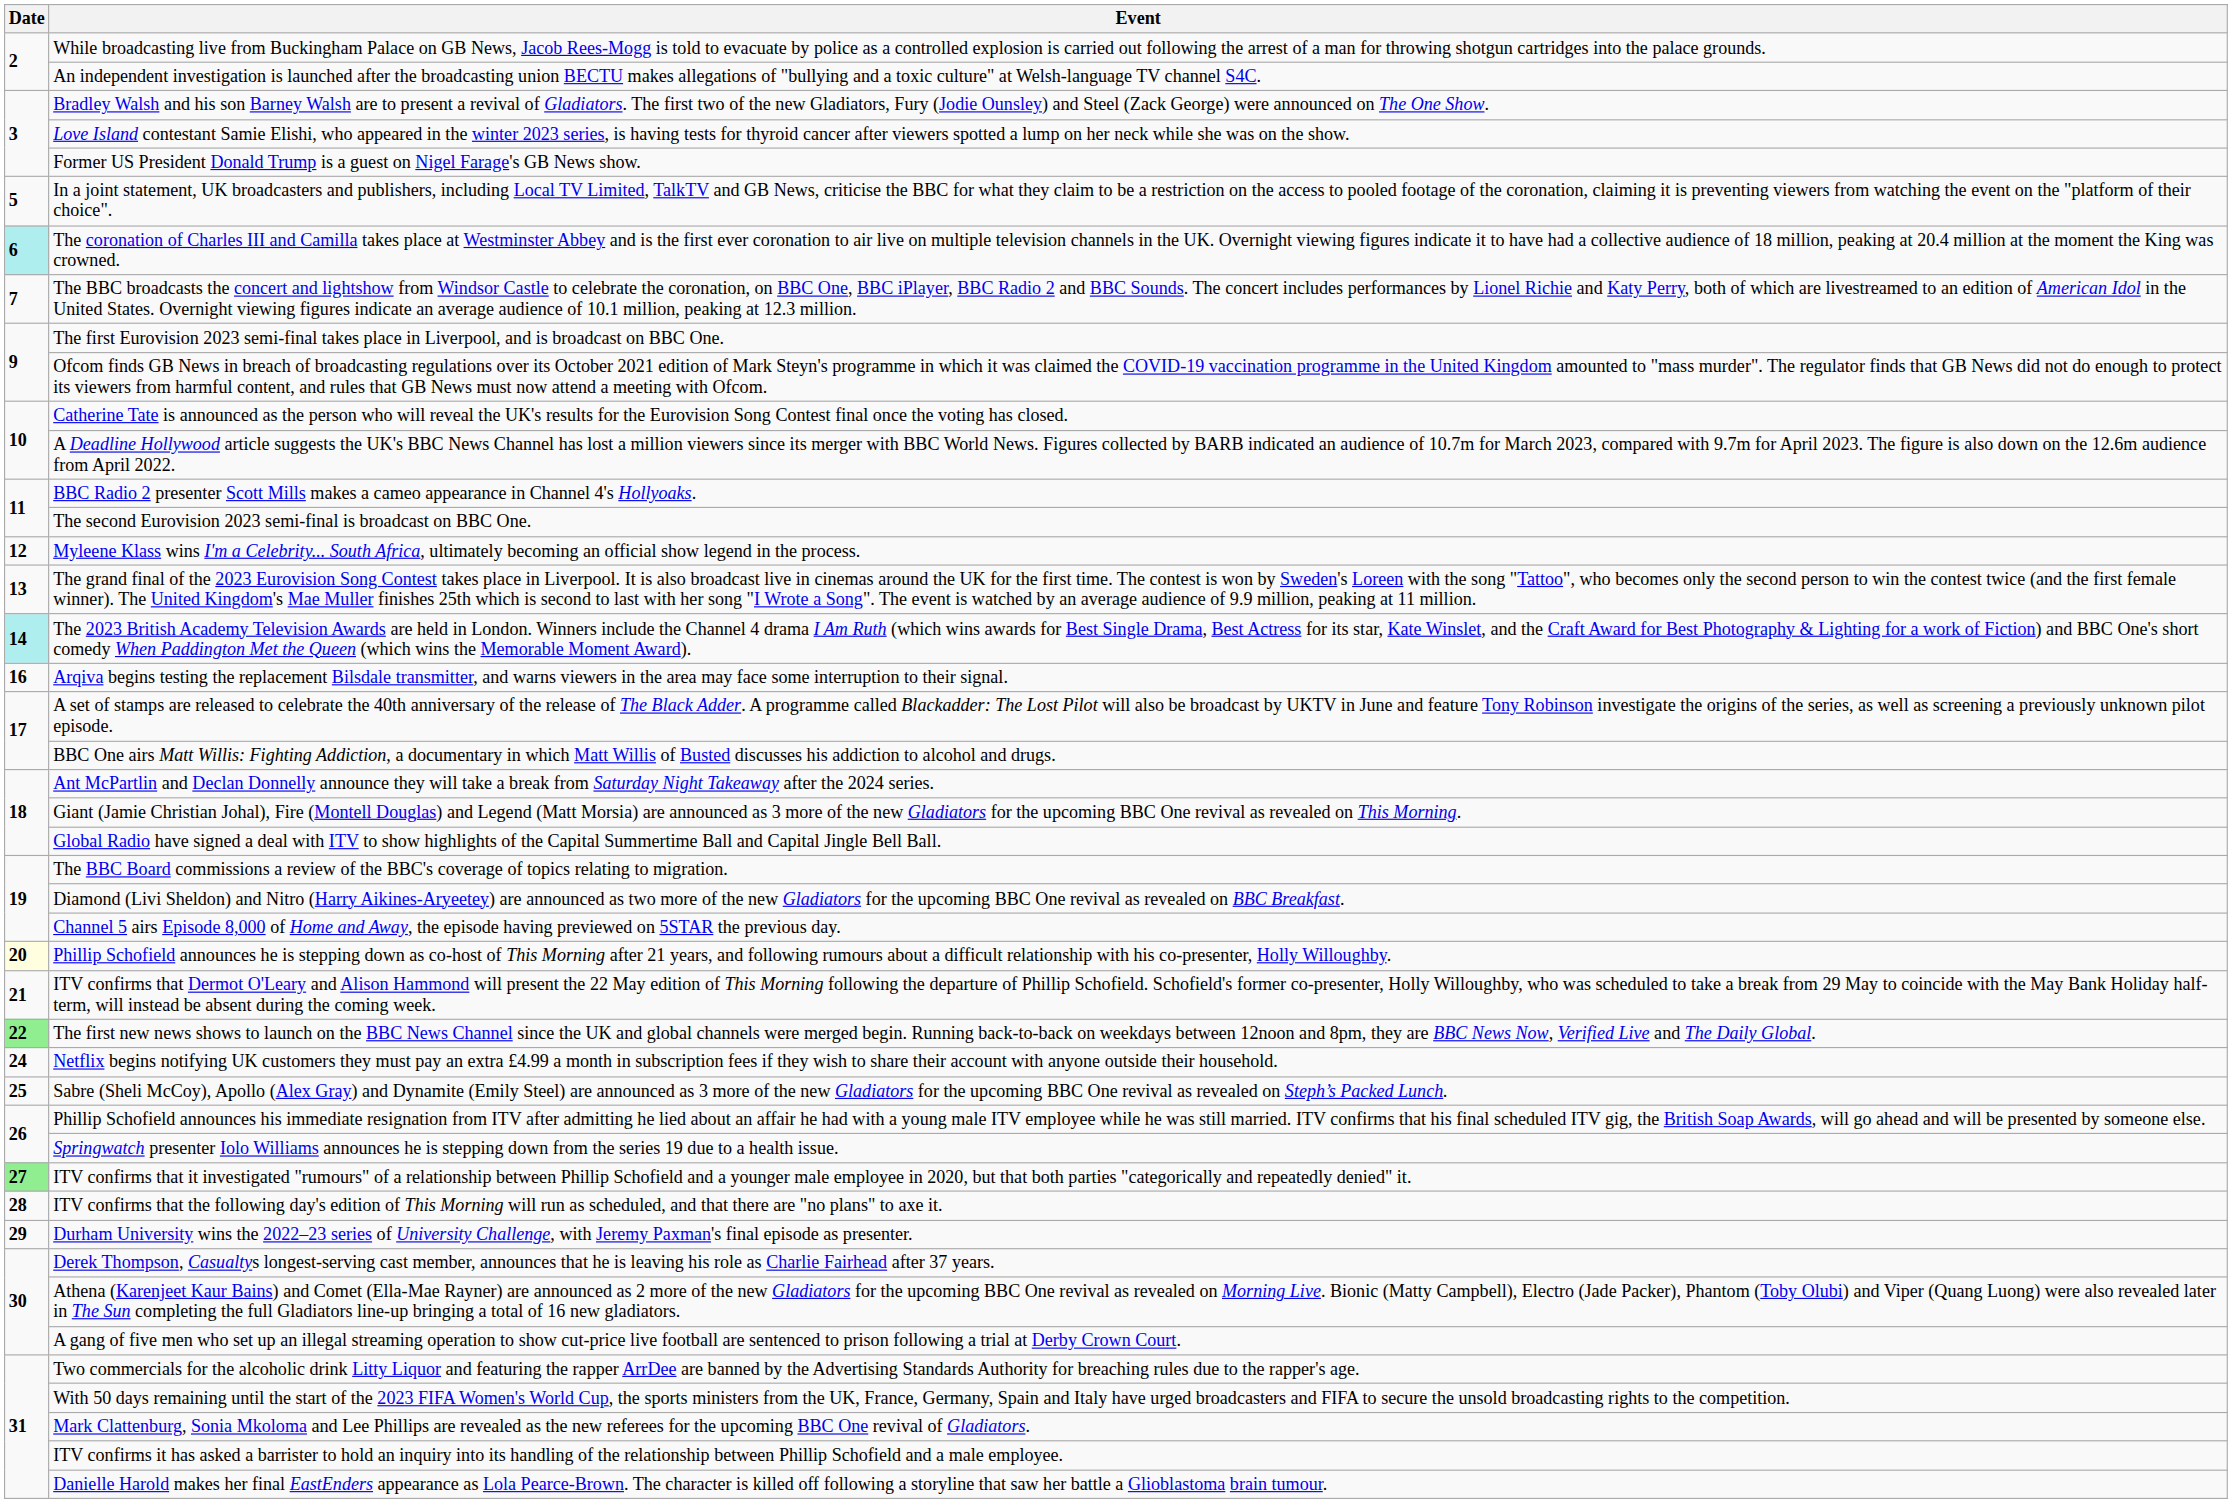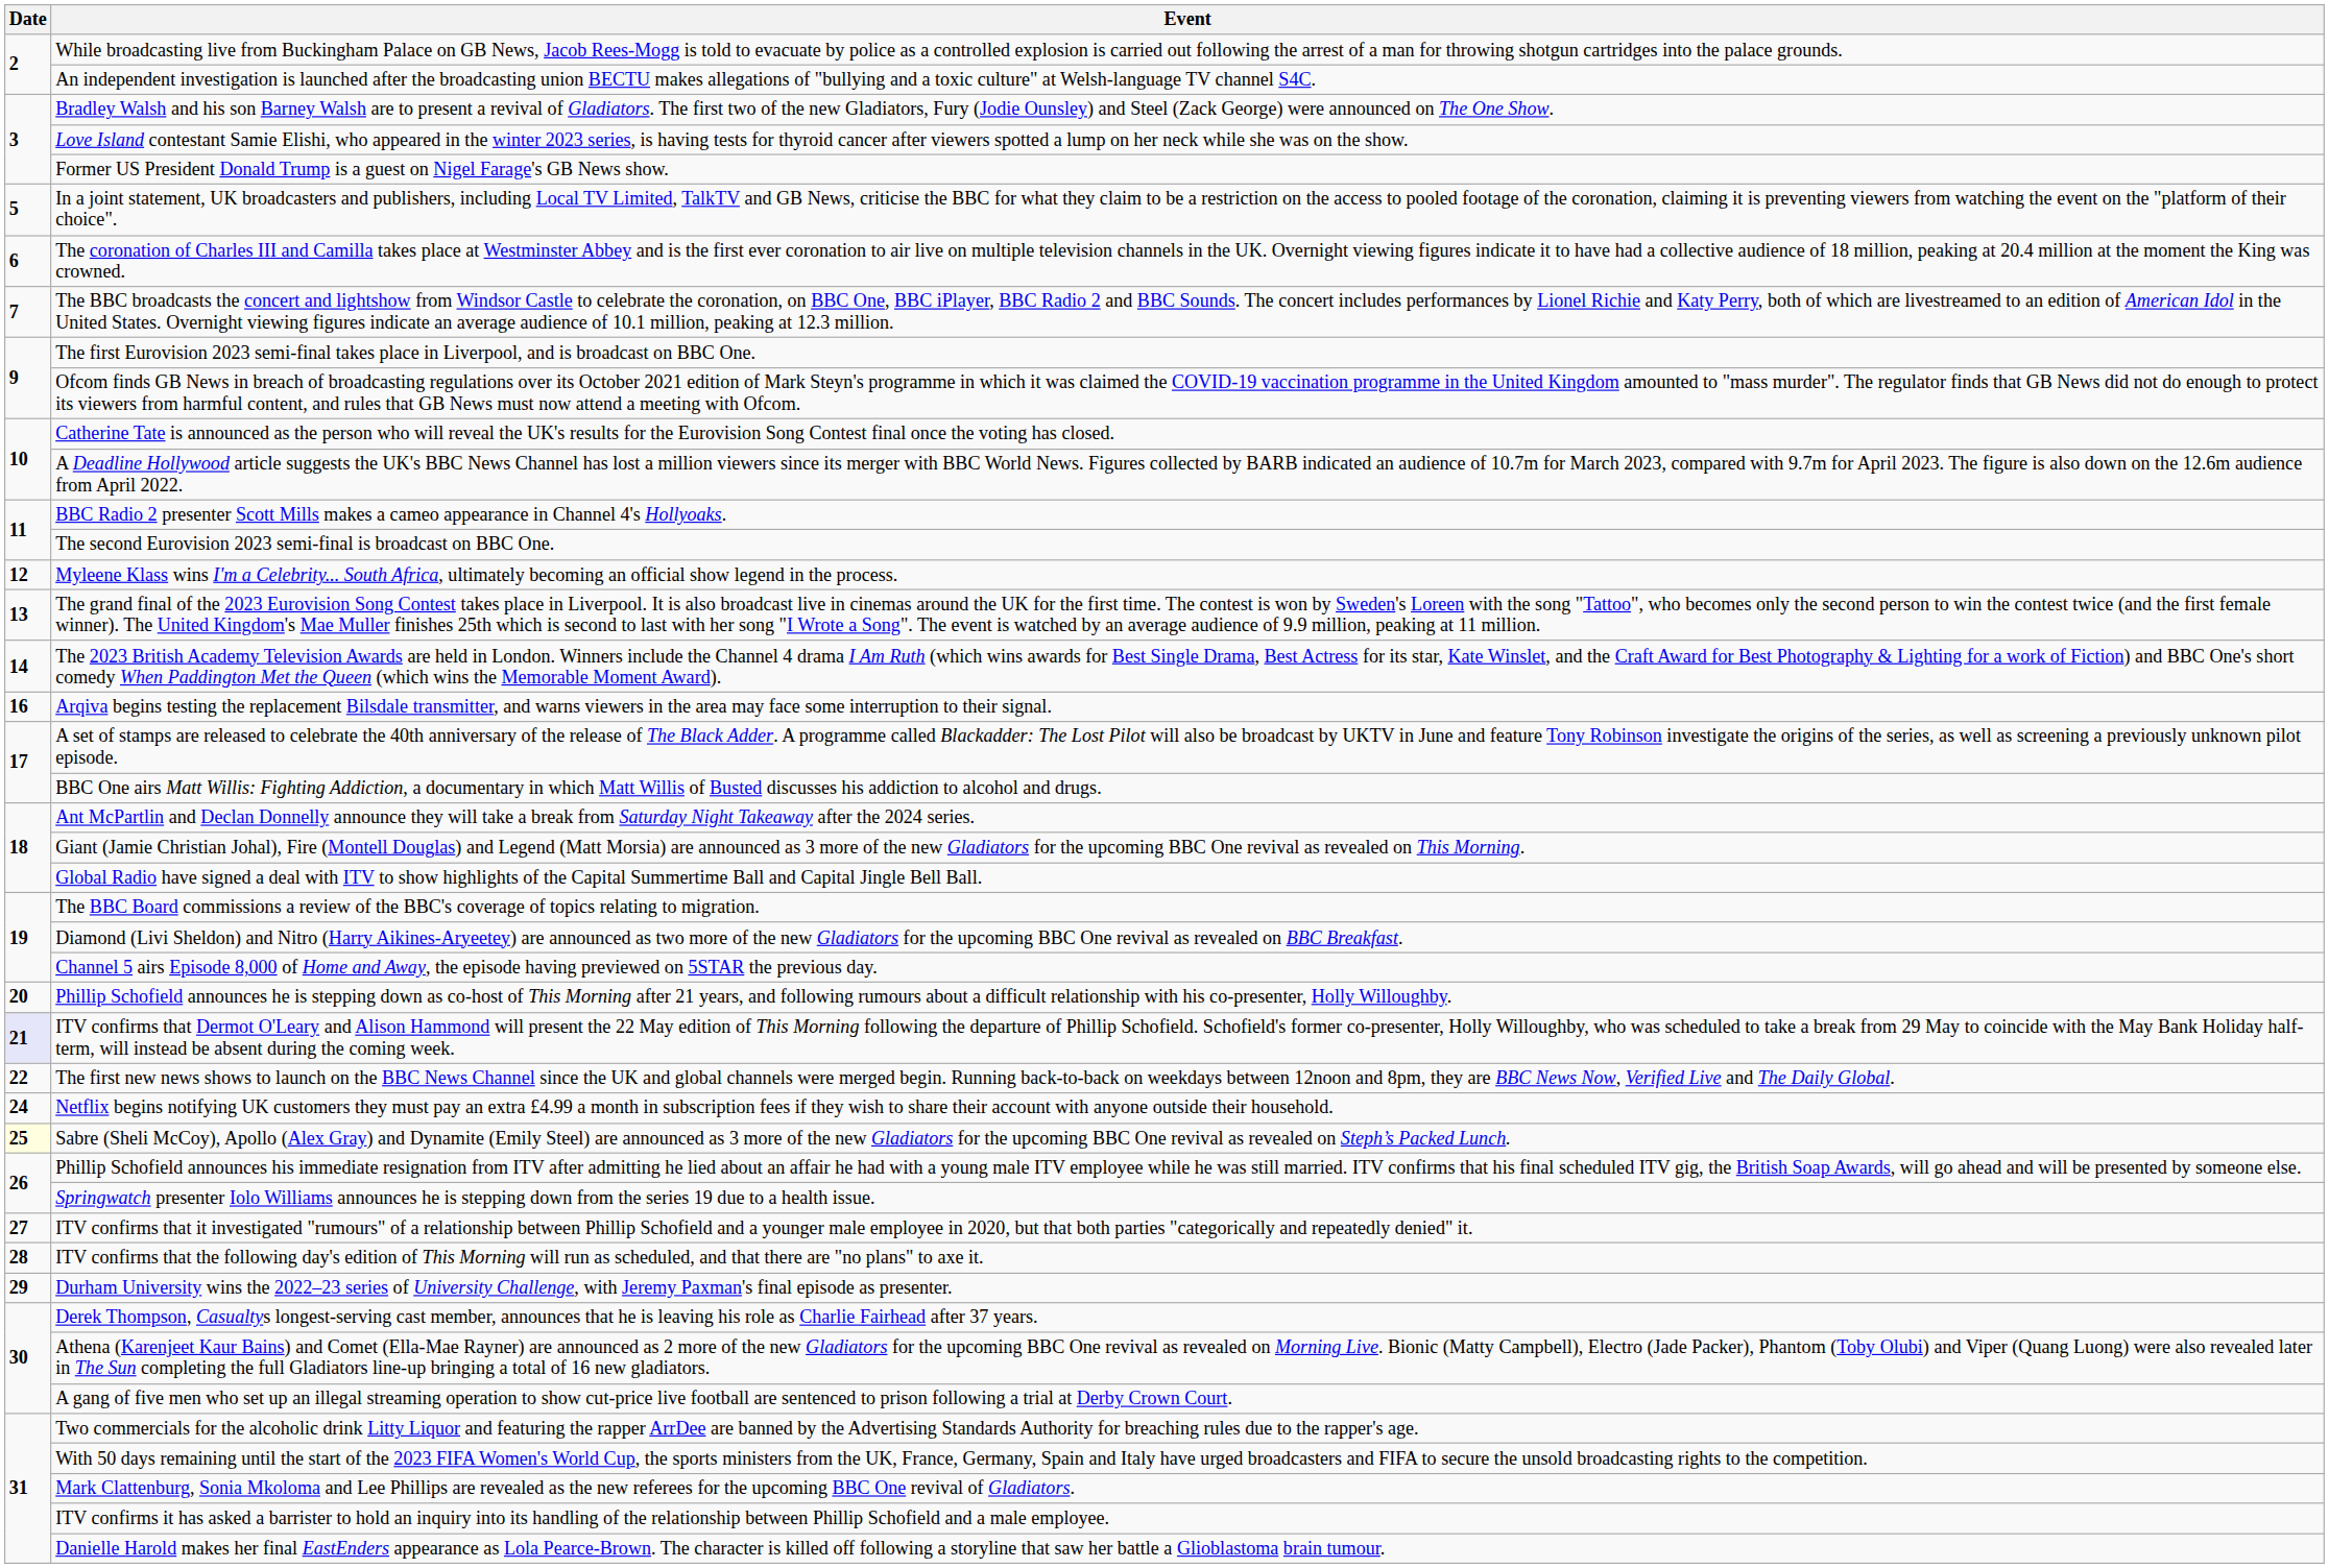 <table class="wikitable">
 <tr>
 <th>Date</th>
 <th>Event</th>
 </tr>
 <tr>
 <td rowspan=2><strong>2</strong></td>
 <td>While broadcasting live from Buckingham Palace on GB News, <a href='#'>Jacob Rees-Mogg</a> is told to evacuate by police as a controlled explosion is carried out following the arrest of a man for throwing shotgun cartridges into the palace grounds.</td>
 </tr>
 <tr>
 <td>An independent investigation is launched after the broadcasting union <a href='#'>BECTU</a> makes allegations of "bullying and a toxic culture" at Welsh-language TV channel <a href='#'>S4C</a>.</td>
 </tr>
 <tr>
 <td rowspan=3><strong>3</strong></td>
 <td><a href='#'>Bradley Walsh</a> and his son <a href='#'>Barney Walsh</a> are to present a revival of <em><a href='#'>Gladiators</a></em>. The first two of the new Gladiators, Fury (<a href='#'>Jodie Ounsley</a>) and Steel (Zack George) were announced on <em><a href='#'>The One Show</a></em>.</td>
 </tr>
 <tr>
 <td><em><a href='#'>Love Island</a></em> contestant Samie Elishi, who appeared in the <a href='#'>winter 2023 series</a>, is having tests for thyroid cancer after viewers spotted a lump on her neck while she was on the show.</td>
 </tr>
 <tr>
 <td>Former US President <a href='#'>Donald Trump</a> is a guest on <a href='#'>Nigel Farage</a>'s GB News show.</td>
 </tr>
 <tr>
 <td><strong>5</strong></td>
 <td>In a joint statement, UK broadcasters and publishers, including <a href='#'>Local TV Limited</a>, <a href='#'>TalkTV</a> and GB News, criticise the BBC for what they claim to be a restriction on the access to pooled footage of the coronation, claiming it is preventing viewers from watching the event on the "platform of their choice".</td>
 </tr>
 <tr>
-<td style="background: paleturquoise;"><strong>6</strong></td>
+<td><strong>6</strong></td>
 <td>The <a href='#'>coronation of Charles III and Camilla</a> takes place at <a href='#'>Westminster Abbey</a> and is the first ever coronation to air live on multiple television channels in the UK. Overnight viewing figures indicate it to have had a collective audience of 18 million, peaking at 20.4 million at the moment the King was crowned.</td>
 </tr>
 <tr>
 <td><strong>7</strong></td>
 <td>The BBC broadcasts the <a href='#'>concert and lightshow</a> from <a href='#'>Windsor Castle</a> to celebrate the coronation, on <a href='#'>BBC One</a>, <a href='#'>BBC iPlayer</a>, <a href='#'>BBC Radio 2</a> and <a href='#'>BBC Sounds</a>. The concert includes performances by <a href='#'>Lionel Richie</a> and <a href='#'>Katy Perry</a>, both of which are livestreamed to an edition of <em><a href='#'>American Idol</a></em> in the United States. Overnight viewing figures indicate an average audience of 10.1 million, peaking at 12.3 million.</td>
 </tr>
 <tr>
 <td rowspan=2><strong>9</strong></td>
 <td>The first Eurovision 2023 semi-final takes place in Liverpool, and is broadcast on BBC One.</td>
 </tr>
 <tr>
 <td>Ofcom finds GB News in breach of broadcasting regulations over its October 2021 edition of Mark Steyn's programme in which it was claimed the <a href='#'>COVID-19 vaccination programme in the United Kingdom</a> amounted to "mass murder". The regulator finds that GB News did not do enough to protect its viewers from harmful content, and rules that GB News must now attend a meeting with Ofcom.</td>
 </tr>
 <tr>
 <td rowspan=2><strong>10</strong></td>
 <td><a href='#'>Catherine Tate</a> is announced as the person who will reveal the UK's results for the Eurovision Song Contest final once the voting has closed.</td>
 </tr>
 <tr>
 <td>A <em><a href='#'>Deadline Hollywood</a></em> article suggests the UK's BBC News Channel has lost a million viewers since its merger with BBC World News. Figures collected by BARB indicated an audience of 10.7m for March 2023, compared with 9.7m for April 2023. The figure is also down on the 12.6m audience from April 2022.</td>
 </tr>
 <tr>
 <td rowspan=2><strong>11</strong></td>
 <td><a href='#'>BBC Radio 2</a> presenter <a href='#'>Scott Mills</a> makes a cameo appearance in Channel 4's <em><a href='#'>Hollyoaks</a></em>.</td>
 </tr>
 <tr>
 <td>The second Eurovision 2023 semi-final is broadcast on BBC One.</td>
 </tr>
 <tr>
 <td><strong>12</strong></td>
 <td><a href='#'>Myleene Klass</a> wins <em><a href='#'>I'm a Celebrity... South Africa</a></em>, ultimately becoming an official show legend in the process.</td>
 </tr>
 <tr>
 <td><strong>13</strong></td>
 <td>The grand final of the <a href='#'>2023 Eurovision Song Contest</a> takes place in Liverpool. It is also broadcast live in cinemas around the UK for the first time. The contest is won by <a href='#'>Sweden</a>'s <a href='#'>Loreen</a> with the song "<a href='#'>Tattoo</a>", who becomes only the second person to win the contest twice (and the first female winner). The <a href='#'>United Kingdom</a>'s <a href='#'>Mae Muller</a> finishes 25th which is second to last with her song "<a href='#'>I Wrote a Song</a>". The event is watched by an average audience of 9.9 million, peaking at 11 million.</td>
 </tr>
 <tr>
-<td style="background: paleturquoise;"><strong>14</strong></td>
+<td><strong>14</strong></td>
 <td>The <a href='#'>2023 British Academy Television Awards</a> are held in London. Winners include the Channel 4 drama <em><a href='#'>I Am Ruth</a></em> (which wins awards for <a href='#'>Best Single Drama</a>, <a href='#'>Best Actress</a> for its star, <a href='#'>Kate Winslet</a>, and the <a href='#'>Craft Award for Best Photography & Lighting for a work of Fiction</a>) and BBC One's short comedy <em><a href='#'>When Paddington Met the Queen</a></em> (which wins the <a href='#'>Memorable Moment Award</a>).</td>
 </tr>
 <tr>
 <td><strong>16</strong></td>
 <td><a href='#'>Arqiva</a> begins testing the replacement <a href='#'>Bilsdale transmitter</a>, and warns viewers in the area may face some interruption to their signal.</td>
 </tr>
 <tr>
 <td rowspan=2><strong>17</strong></td>
 <td>A set of stamps are released to celebrate the 40th anniversary of the release of <em><a href='#'>The Black Adder</a></em>. A programme called <em>Blackadder: The Lost Pilot</em> will also be broadcast by UKTV in June and feature <a href='#'>Tony Robinson</a> investigate the origins of the series, as well as screening a previously unknown pilot episode.</td>
 </tr>
 <tr>
 <td>BBC One airs <em>Matt Willis: Fighting Addiction</em>, a documentary in which <a href='#'>Matt Willis</a> of <a href='#'>Busted</a> discusses his addiction to alcohol and drugs.</td>
 </tr>
 <tr>
 <td rowspan=3><strong>18</strong></td>
 <td><a href='#'>Ant McPartlin</a> and <a href='#'>Declan Donnelly</a> announce they will take a break from <em><a href='#'>Saturday Night Takeaway</a></em> after the 2024 series.</td>
 </tr>
 <tr>
 <td>Giant (Jamie Christian Johal), Fire (<a href='#'>Montell Douglas</a>) and Legend (Matt Morsia) are announced as 3 more of the new <em><a href='#'>Gladiators</a></em> for the upcoming BBC One revival as revealed on <em><a href='#'>This Morning</a></em>.</td>
 </tr>
 <tr>
 <td><a href='#'>Global Radio</a> have signed a deal with <a href='#'>ITV</a> to show highlights of the Capital Summertime Ball and Capital Jingle Bell Ball.</td>
 </tr>
 <tr>
 <td rowspan=3><strong>19</strong></td>
 <td>The <a href='#'>BBC Board</a> commissions a review of the BBC's coverage of topics relating to migration.</td>
 </tr>
 <tr>
 <td>Diamond (Livi Sheldon) and Nitro (<a href='#'>Harry Aikines-Aryeetey</a>) are announced as two more of the new <em><a href='#'>Gladiators</a></em> for the upcoming BBC One revival as revealed on <em><a href='#'>BBC Breakfast</a></em>.</td>
 </tr>
 <tr>
 <td><a href='#'>Channel 5</a> airs <a href='#'>Episode 8,000</a> of <em><a href='#'>Home and Away</a></em>, the episode having previewed on <a href='#'>5STAR</a> the previous day.</td>
 </tr>
 <tr>
-<td style="background: lightyellow;"><strong>20</strong></td>
+<td><strong>20</strong></td>
 <td><a href='#'>Phillip Schofield</a> announces he is stepping down as co-host of <em>This Morning</em> after 21 years, and following rumours about a difficult relationship with his co-presenter, <a href='#'>Holly Willoughby</a>.</td>
 </tr>
 <tr>
-<td><strong>21</strong></td>
+<td style="background: lavender;"><strong>21</strong></td>
 <td>ITV confirms that <a href='#'>Dermot O'Leary</a> and <a href='#'>Alison Hammond</a> will present the 22 May edition of <em>This Morning</em> following the departure of Phillip Schofield. Schofield's former co-presenter, Holly Willoughby, who was scheduled to take a break from 29 May to coincide with the May Bank Holiday half-term, will instead be absent during the coming week.</td>
 </tr>
 <tr>
-<td style="background: lightgreen;"><strong>22</strong></td>
+<td><strong>22</strong></td>
 <td>The first new news shows to launch on the <a href='#'>BBC News Channel</a> since the UK and global channels were merged begin. Running back-to-back on weekdays between 12noon and 8pm, they are <em><a href='#'>BBC News Now</a></em>, <em><a href='#'>Verified Live</a></em> and <em><a href='#'>The Daily Global</a></em>.</td>
 </tr>
 <tr>
 <td><strong>24</strong></td>
 <td><a href='#'>Netflix</a> begins notifying UK customers they must pay an extra £4.99 a month in subscription fees if they wish to share their account with anyone outside their household.</td>
 </tr>
 <tr>
-<td><strong>25</strong></td>
+<td style="background: lightyellow;"><strong>25</strong></td>
 <td>Sabre (Sheli McCoy), Apollo (<a href='#'>Alex Gray</a>) and Dynamite (Emily Steel) are announced as 3 more of the new <em><a href='#'>Gladiators</a></em> for the upcoming BBC One revival as revealed on <em><a href='#'>Steph’s Packed Lunch</a>.</em></td>
 </tr>
 <tr>
 <td rowspan=2><strong>26</strong></td>
 <td>Phillip Schofield announces his immediate resignation from ITV after admitting he lied about an affair he had with a young male ITV employee while he was still married. ITV confirms that his final scheduled ITV gig, the <a href='#'>British Soap Awards</a>, will go ahead and will be presented by someone else.</td>
 </tr>
 <tr>
 <td><em><a href='#'>Springwatch</a></em> presenter <a href='#'>Iolo Williams</a> announces he is stepping down from the series 19 due to a health issue.</td>
 </tr>
 <tr>
-<td style="background: lightgreen;"><strong>27</strong></td>
+<td><strong>27</strong></td>
 <td>ITV confirms that it investigated "rumours" of a relationship between Phillip Schofield and a younger male employee in 2020, but that both parties "categorically and repeatedly denied" it.</td>
 </tr>
 <tr>
 <td><strong>28</strong></td>
 <td>ITV confirms that the following day's edition of <em>This Morning</em> will run as scheduled, and that there are "no plans" to axe it.</td>
 </tr>
 <tr>
 <td><strong>29</strong></td>
 <td><a href='#'>Durham University</a> wins the <a href='#'>2022–23 series</a> of <em><a href='#'>University Challenge</a></em>, with <a href='#'>Jeremy Paxman</a>'s final episode as presenter.</td>
 </tr>
 <tr>
 <td rowspan=3><strong>30</strong></td>
 <td><a href='#'>Derek Thompson</a>, <em><a href='#'>Casualty</a></em>s longest-serving cast member, announces that he is leaving his role as <a href='#'>Charlie Fairhead</a> after 37 years.</td>
 </tr>
 <tr>
 <td>Athena (<a href='#'>Karenjeet Kaur Bains</a>) and Comet (Ella-Mae Rayner) are announced as 2 more of the new <em><a href='#'>Gladiators</a></em> for the upcoming BBC One revival as revealed on <em><a href='#'>Morning Live</a></em>. Bionic (Matty Campbell), Electro (Jade Packer), Phantom (<a href='#'>Toby Olubi</a>) and Viper (Quang Luong) were also revealed later in <em><a href='#'>The Sun</a></em> completing the full Gladiators line-up bringing a total of 16 new gladiators.</td>
 </tr>
 <tr>
 <td>A gang of five men who set up an illegal streaming operation to show cut-price live football are sentenced to prison following a trial at <a href='#'>Derby Crown Court</a>.</td>
 </tr>
 <tr>
 <td rowspan=5><strong>31</strong></td>
 <td>Two commercials for the alcoholic drink <a href='#'>Litty Liquor</a> and featuring the rapper <a href='#'>ArrDee</a> are banned by the Advertising Standards Authority for breaching rules due to the rapper's age.</td>
 </tr>
 <tr>
 <td>With 50 days remaining until the start of the <a href='#'>2023 FIFA Women's World Cup</a>, the sports ministers from the UK, France, Germany, Spain and Italy have urged broadcasters and FIFA to secure the unsold broadcasting rights to the competition.</td>
 </tr>
 <tr>
 <td><a href='#'>Mark Clattenburg</a>, <a href='#'>Sonia Mkoloma</a> and Lee Phillips are revealed as the new referees for the upcoming <a href='#'>BBC One</a> revival of <em><a href='#'>Gladiators</a></em>.</td>
 </tr>
 <tr>
 <td>ITV confirms it has asked a barrister to hold an inquiry into its handling of the relationship between Phillip Schofield and a male employee.</td>
 </tr>
 <tr>
 <td><a href='#'>Danielle Harold</a> makes her final <em><a href='#'>EastEnders</a></em> appearance as <a href='#'>Lola Pearce-Brown</a>. The character is killed off following a storyline that saw her battle a <a href='#'>Glioblastoma</a> <a href='#'>brain tumour</a>.</td>
 </tr>
 </table>
